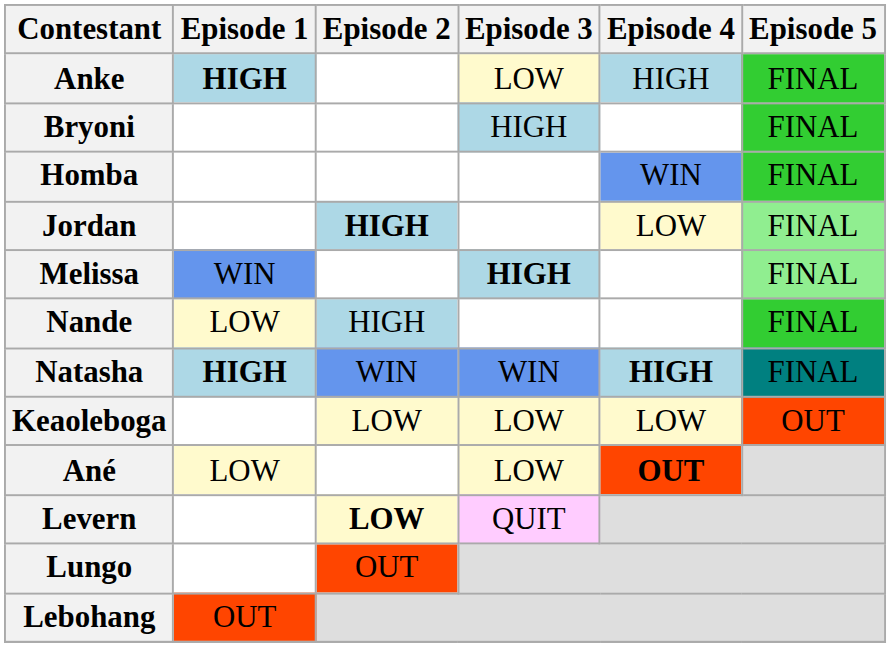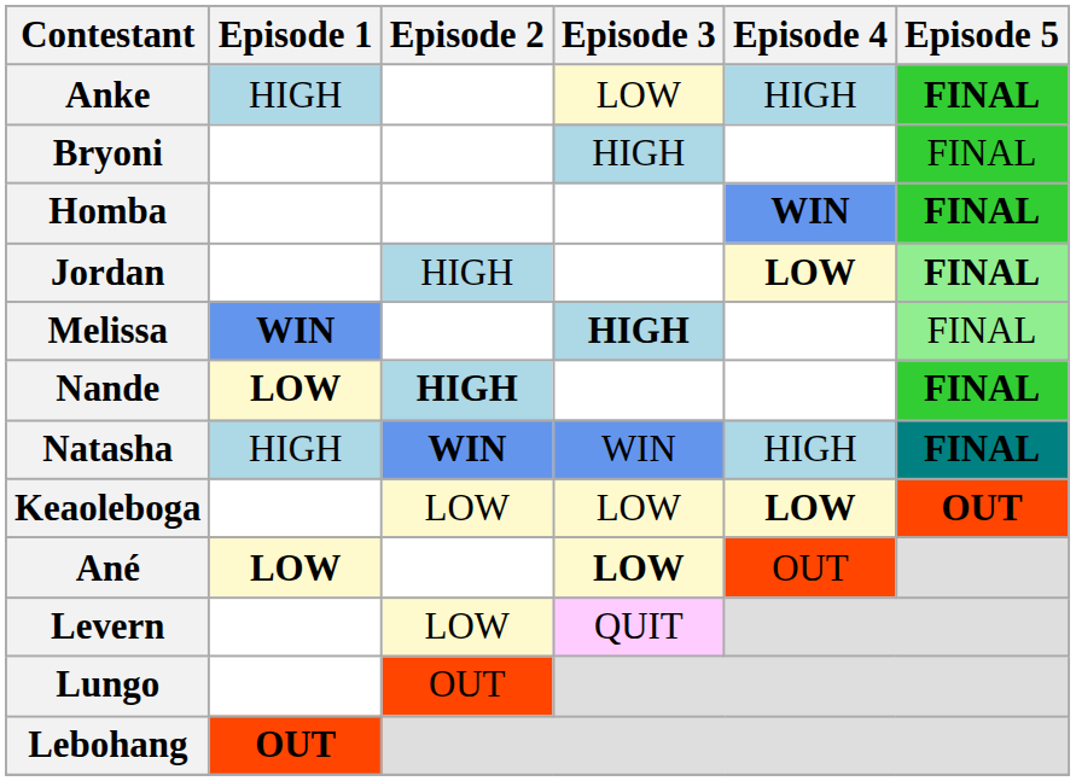 <table class="wikitable" style="text-align:center">
 <tr>
 <th scope="col">Contestant</th>
 <th scope="col">Episode 1</th>
 <th scope="col">Episode 2</th>
 <th scope="col">Episode 3</th>
 <th scope="col">Episode 4</th>
 <th scope="col">Episode 5</th>
 </tr>
 <tr>
 <th scope="row">Anke</th>
-<td style="background:lightblue"><strong>HIGH</strong></td>
+<td style="background:lightblue">HIGH</td>
 <td style="background:white"></td>
 <td style="background:lemonchiffon">LOW</td>
 <td style="background:lightblue">HIGH</td>
-<td style="background:LimeGreen">FINAL</td>
+<td style="background:LimeGreen"><strong>FINAL</strong></td>
 </tr>
 <tr>
 <th scope="row">Bryoni</th>
 <td style="background:white"></td>
 <td style="background:white"></td>
 <td style="background:lightblue">HIGH</td>
 <td style="background:white"></td>
 <td style="background:LimeGreen">FINAL</td>
 </tr>
 <tr>
 <th scope="row">Homba</th>
 <td style="background:white"></td>
 <td style="background:white"></td>
 <td style="background:white"></td>
-<td style="background:cornflowerblue">WIN</td>
-<td style="background:LimeGreen">FINAL</td>
+<td style="background:cornflowerblue"><strong>WIN</strong></td>
+<td style="background:LimeGreen"><strong>FINAL</strong></td>
 </tr>
 <tr>
 <th scope="row">Jordan</th>
 <td style="background:white"></td>
-<td style="background:lightblue"><strong>HIGH</strong></td>
+<td style="background:lightblue">HIGH</td>
 <td style="background:white"></td>
-<td style="background:lemonchiffon">LOW</td>
-<td style="background:lightgreen">FINAL</td>
+<td style="background:lemonchiffon"><strong>LOW</strong></td>
+<td style="background:lightgreen"><strong>FINAL</strong></td>
 </tr>
 <tr>
 <th scope="row">Melissa</th>
-<td style="background:cornflowerblue">WIN</td>
+<td style="background:cornflowerblue"><strong>WIN</strong></td>
 <td style="background:white"></td>
 <td style="background:lightblue"><strong>HIGH</strong></td>
 <td style="background:white"></td>
 <td style="background:lightgreen">FINAL</td>
 </tr>
 <tr>
 <th scope="row">Nande</th>
-<td style="background:lemonchiffon">LOW</td>
-<td style="background:lightblue">HIGH</td>
+<td style="background:lemonchiffon"><strong>LOW</strong></td>
+<td style="background:lightblue"><strong>HIGH</strong></td>
 <td style="background:white"></td>
 <td style="background:white"></td>
-<td style="background:LimeGreen">FINAL</td>
+<td style="background:LimeGreen"><strong>FINAL</strong></td>
 </tr>
 <tr>
 <th scope="row">Natasha</th>
-<td style="background:lightblue"><strong>HIGH</strong></td>
+<td style="background:lightblue">HIGH</td>
+<td style="background:cornflowerblue"><strong>WIN</strong></td>
 <td style="background:cornflowerblue">WIN</td>
-<td style="background:cornflowerblue">WIN</td>
-<td style="background:lightblue"><strong>HIGH</strong></td>
-<td style="background:teal">FINAL</td>
+<td style="background:lightblue">HIGH</td>
+<td style="background:teal"><strong>FINAL</strong></td>
 </tr>
 <tr>
 <th scope="row">Keaoleboga</th>
 <td style="background:white"></td>
 <td style="background:lemonchiffon">LOW</td>
 <td style="background:lemonchiffon">LOW</td>
-<td style="background:lemonchiffon">LOW</td>
-<td style="background:OrangeRed">OUT</td>
+<td style="background:lemonchiffon"><strong>LOW</strong></td>
+<td style="background:OrangeRed"><strong>OUT</strong></td>
 </tr>
 <tr>
 <th scope="row">Ané</th>
-<td style="background:lemonchiffon">LOW</td>
+<td style="background:lemonchiffon"><strong>LOW</strong></td>
 <td style="background:white"></td>
-<td style="background:lemonchiffon">LOW</td>
-<td style="background:OrangeRed"><strong>OUT</strong></td>
+<td style="background:lemonchiffon"><strong>LOW</strong></td>
+<td style="background:OrangeRed">OUT</td>
 <td colspan=2 style="background:#dedede"></td>
 </tr>
 <tr>
 <th scope="row">Levern</th>
 <td style="background:white"></td>
-<td style="background:lemonchiffon"><strong>LOW</strong></td>
+<td style="background:lemonchiffon">LOW</td>
 <td style="background:#FCF">QUIT</td>
 <td colspan=3 style="background:#dedede"></td>
 </tr>
 <tr>
 <th scope="row">Lungo</th>
 <td style="background:white"></td>
 <td style="background:OrangeRed">OUT</td>
 <td colspan=3 style="background:#dedede"></td>
 </tr>
 <tr>
 <th scope="row">Lebohang</th>
-<td style="background:OrangeRed">OUT</td>
+<td style="background:OrangeRed"><strong>OUT</strong></td>
 <td colspan=4 style="background:#dedede"></td>
 </tr>
 <tr>
 </tr>
 </table>
